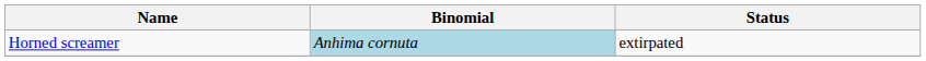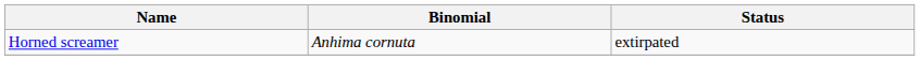 <table width=72% class="wikitable">
 <tr>
 <th width=24%>Name</th>
 <th width=24%>Binomial</th>
 <th width=24%>Status</th>
 </tr>
 <tr>
 <td><a href='#'>Horned screamer</a></td>
-<td style="background: lightblue;"><em>Anhima cornuta</em></td>
+<td><em>Anhima cornuta</em></td>
 <td>extirpated</td>
 </tr>
 <tr>
 </tr>
 </table>
